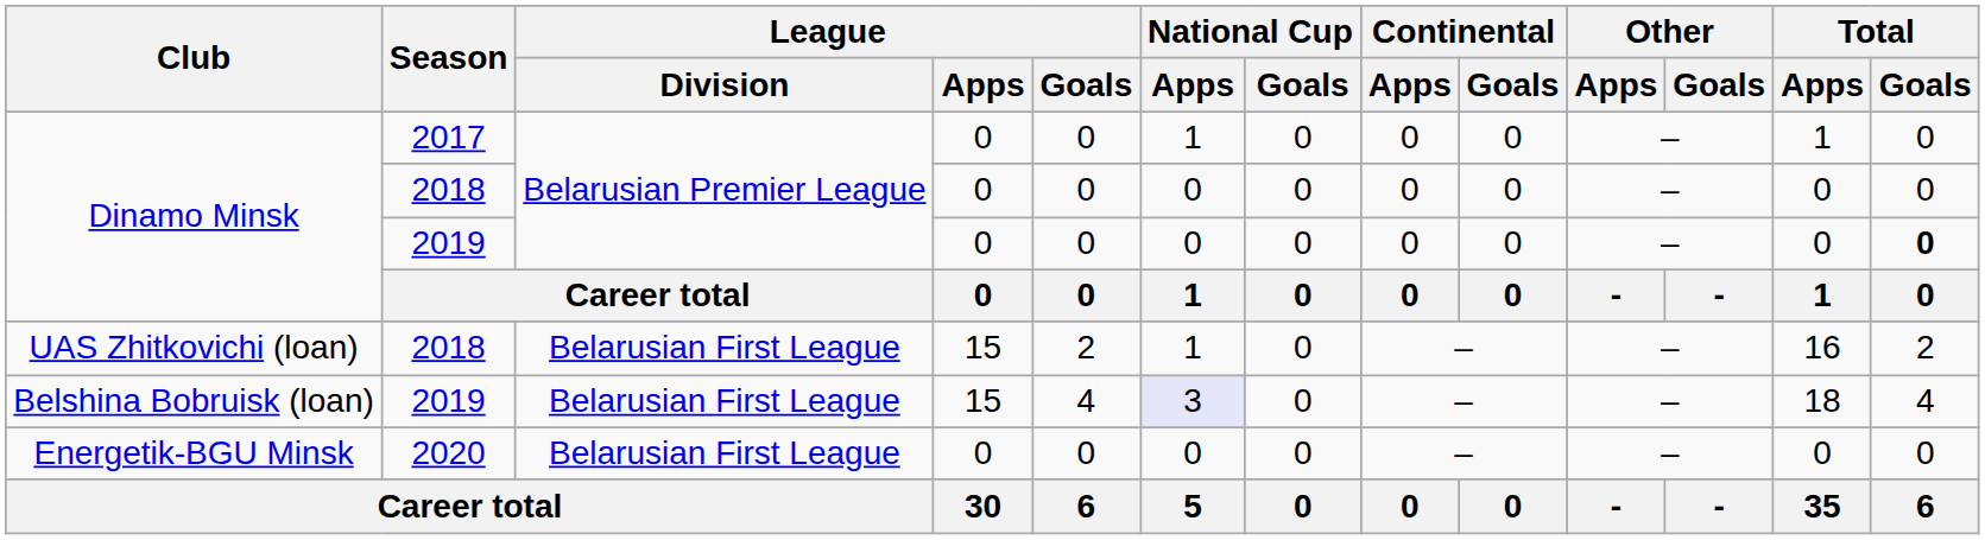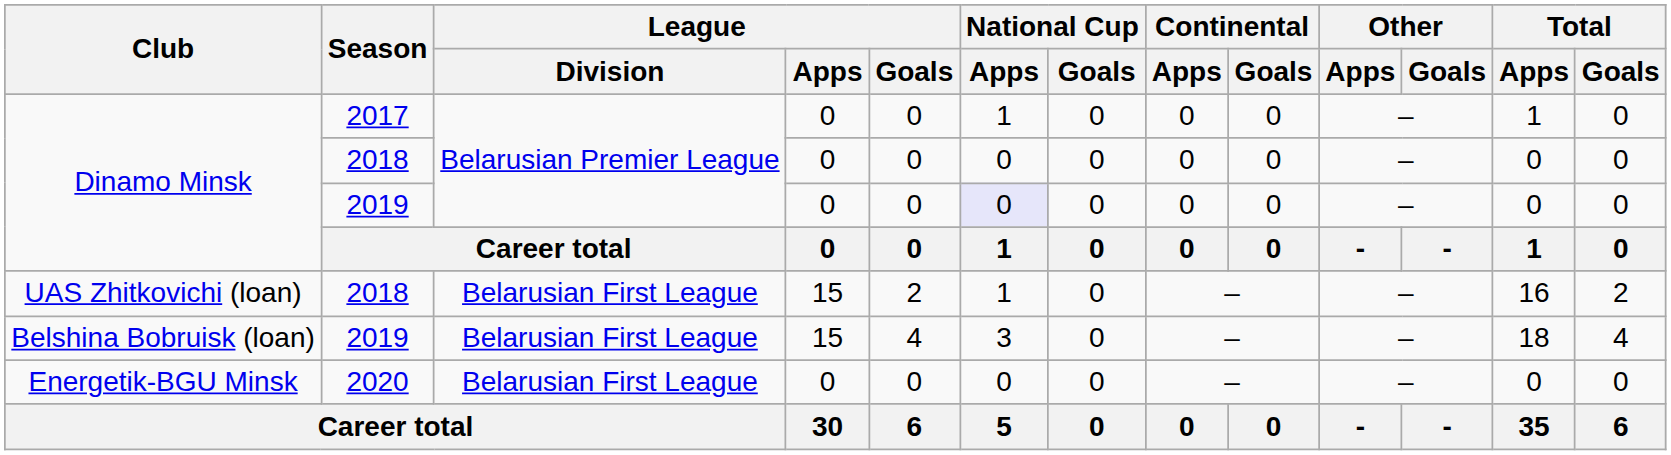 <table class="wikitable" style="text-align: center">
 <tr>
 <th rowspan="2">Club</th>
 <th rowspan="2">Season</th>
 <th colspan="3">League</th>
 <th colspan="2">National Cup</th>
 <th colspan="2">Continental</th>
 <th colspan="2">Other</th>
 <th colspan="2">Total</th>
 </tr>
 <tr>
 <th>Division</th>
 <th>Apps</th>
 <th>Goals</th>
 <th>Apps</th>
 <th>Goals</th>
 <th>Apps</th>
 <th>Goals</th>
 <th>Apps</th>
 <th>Goals</th>
 <th>Apps</th>
 <th>Goals</th>
 </tr>
 <tr>
 <td rowspan="4"><a href='#'>Dinamo Minsk</a></td>
 <td><a href='#'>2017</a></td>
 <td rowspan="3"><a href='#'>Belarusian Premier League</a></td>
 <td>0</td>
 <td>0</td>
 <td>1</td>
 <td>0</td>
 <td>0</td>
 <td>0</td>
 <td colspan="2">–</td>
 <td>1</td>
 <td>0</td>
 </tr>
 <tr>
 <td><a href='#'>2018</a></td>
 <td>0</td>
 <td>0</td>
 <td>0</td>
 <td>0</td>
 <td>0</td>
 <td>0</td>
 <td colspan="2">–</td>
 <td>0</td>
 <td>0</td>
 </tr>
 <tr>
 <td><a href='#'>2019</a></td>
 <td>0</td>
 <td>0</td>
-<td>0</td>
+<td style="background: lavender;">0</td>
 <td>0</td>
 <td>0</td>
 <td>0</td>
 <td colspan="2">–</td>
 <td>0</td>
-<td><strong>0</strong></td>
+<td>0</td>
 </tr>
 <tr>
 <th colspan="2">Career total</th>
 <th>0</th>
 <th>0</th>
 <th>1</th>
 <th>0</th>
 <th>0</th>
 <th>0</th>
 <th>-</th>
 <th>-</th>
 <th>1</th>
 <th>0</th>
 </tr>
 <tr>
 <td><a href='#'>UAS Zhitkovichi</a> (loan)</td>
 <td><a href='#'>2018</a></td>
 <td><a href='#'>Belarusian First League</a></td>
 <td>15</td>
 <td>2</td>
 <td>1</td>
 <td>0</td>
 <td colspan="2">–</td>
 <td colspan="2">–</td>
 <td>16</td>
 <td>2</td>
 </tr>
 <tr>
 <td><a href='#'>Belshina Bobruisk</a> (loan)</td>
 <td><a href='#'>2019</a></td>
 <td><a href='#'>Belarusian First League</a></td>
 <td>15</td>
 <td>4</td>
-<td style="background: lavender;">3</td>
+<td>3</td>
 <td>0</td>
 <td colspan="2">–</td>
 <td colspan="2">–</td>
 <td>18</td>
 <td>4</td>
 </tr>
 <tr>
 <td><a href='#'>Energetik-BGU Minsk</a></td>
 <td><a href='#'>2020</a></td>
 <td><a href='#'>Belarusian First League</a></td>
 <td>0</td>
 <td>0</td>
 <td>0</td>
 <td>0</td>
 <td colspan="2">–</td>
 <td colspan="2">–</td>
 <td>0</td>
 <td>0</td>
 </tr>
 <tr>
 <th colspan="3">Career total</th>
 <th>30</th>
 <th>6</th>
 <th>5</th>
 <th>0</th>
 <th>0</th>
 <th>0</th>
 <th>-</th>
 <th>-</th>
 <th>35</th>
 <th>6</th>
 </tr>
 </table>
